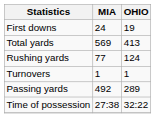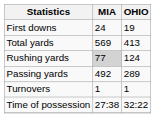 <table class="wikitable">
 <tr>
 <th>Statistics</th>
 <th>MIA</th>
 <th>OHIO</th>
 </tr>
 <tr>
 <td>First downs</td>
 <td>24</td>
 <td>19</td>
 </tr>
 <tr>
 <td>Total yards</td>
 <td>569</td>
 <td>413</td>
 </tr>
 <tr>
 <td>Rushing yards</td>
-<td>77</td>
+<td style="background: lightgrey;">77</td>
 <td>124</td>
+</tr>
+<tr>
+<td>Passing yards</td>
+<td>492</td>
+<td>289</td>
 </tr>
 <tr>
 <td>Turnovers</td>
 <td>1</td>
 <td>1</td>
-</tr>
-<tr>
-<td>Passing yards</td>
-<td>492</td>
-<td>289</td>
 </tr>
 <tr>
 <td>Time of possession</td>
 <td>27:38</td>
 <td>32:22</td>
 </tr>
 <tr>
 </tr>
 </table>
